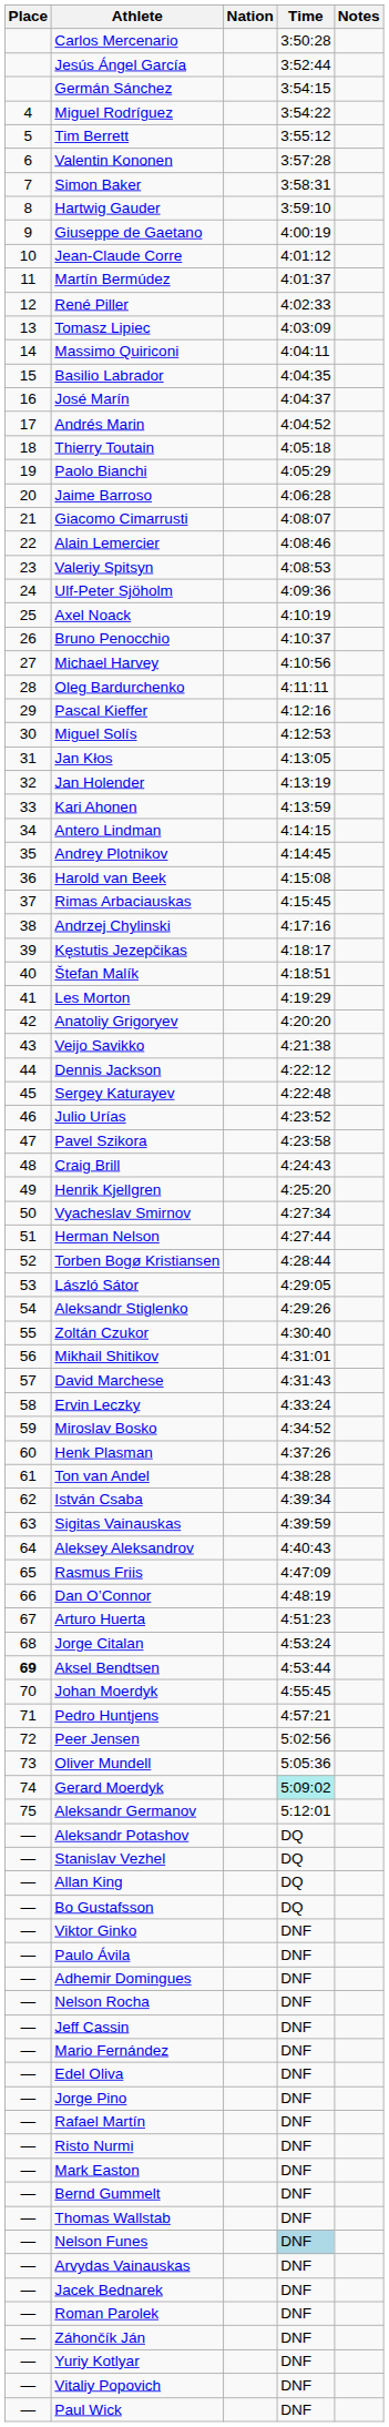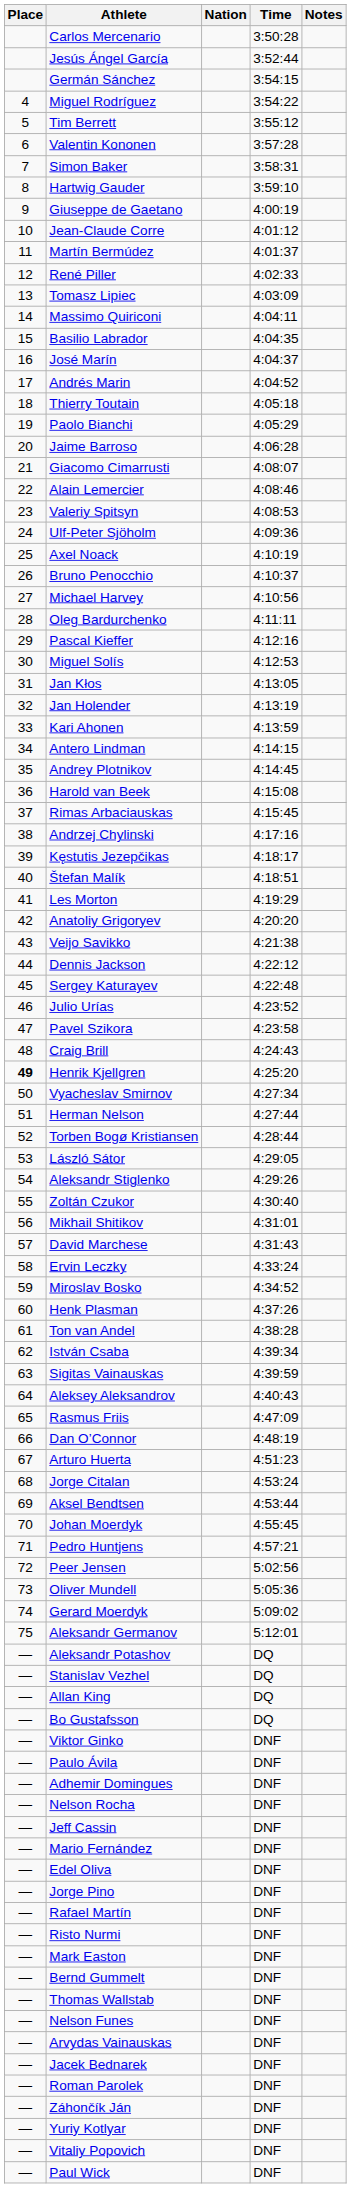 <table class=wikitable>
 <tr>
 <th>Place</th>
 <th>Athlete</th>
 <th>Nation</th>
 <th>Time</th>
 <th>Notes</th>
 </tr>
 <tr>
 <td align=center></td>
 <td><a href='#'>Carlos Mercenario</a></td>
 <td></td>
 <td>3:50:28</td>
 <td> </td>
 </tr>
 <tr>
 <td align=center></td>
 <td><a href='#'>Jesús Ángel García</a></td>
 <td></td>
 <td>3:52:44</td>
 <td> </td>
 </tr>
 <tr>
 <td align=center></td>
 <td><a href='#'>Germán Sánchez</a></td>
 <td></td>
 <td>3:54:15</td>
 <td> </td>
 </tr>
 <tr>
 <td align=center>4</td>
 <td><a href='#'>Miguel Rodríguez</a></td>
 <td></td>
 <td>3:54:22</td>
 <td> </td>
 </tr>
 <tr>
 <td align=center>5</td>
 <td><a href='#'>Tim Berrett</a></td>
 <td></td>
 <td>3:55:12</td>
 <td> </td>
 </tr>
 <tr>
 <td align=center>6</td>
 <td><a href='#'>Valentin Kononen</a></td>
 <td></td>
 <td>3:57:28</td>
 <td> </td>
 </tr>
 <tr>
 <td align=center>7</td>
 <td><a href='#'>Simon Baker</a></td>
 <td></td>
 <td>3:58:31</td>
 <td> </td>
 </tr>
 <tr>
 <td align=center>8</td>
 <td><a href='#'>Hartwig Gauder</a></td>
 <td></td>
 <td>3:59:10</td>
 <td> </td>
 </tr>
 <tr>
 <td align=center>9</td>
 <td><a href='#'>Giuseppe de Gaetano</a></td>
 <td></td>
 <td>4:00:19</td>
 <td> </td>
 </tr>
 <tr>
 <td align=center>10</td>
 <td><a href='#'>Jean-Claude Corre</a></td>
 <td></td>
 <td>4:01:12</td>
 <td> </td>
 </tr>
 <tr>
 <td align=center>11</td>
 <td><a href='#'>Martín Bermúdez</a></td>
 <td></td>
 <td>4:01:37</td>
 <td> </td>
 </tr>
 <tr>
 <td align=center>12</td>
 <td><a href='#'>René Piller</a></td>
 <td></td>
 <td>4:02:33</td>
 <td> </td>
 </tr>
 <tr>
 <td align=center>13</td>
 <td><a href='#'>Tomasz Lipiec</a></td>
 <td></td>
 <td>4:03:09</td>
 <td> </td>
 </tr>
 <tr>
 <td align=center>14</td>
 <td><a href='#'>Massimo Quiriconi</a></td>
 <td></td>
 <td>4:04:11</td>
 <td> </td>
 </tr>
 <tr>
 <td align=center>15</td>
 <td><a href='#'>Basilio Labrador</a></td>
 <td></td>
 <td>4:04:35</td>
 <td> </td>
 </tr>
 <tr>
 <td align=center>16</td>
 <td><a href='#'>José Marín</a></td>
 <td></td>
 <td>4:04:37</td>
 <td> </td>
 </tr>
 <tr>
 <td align=center>17</td>
 <td><a href='#'>Andrés Marin</a></td>
 <td></td>
 <td>4:04:52</td>
 <td> </td>
 </tr>
 <tr>
 <td align=center>18</td>
 <td><a href='#'>Thierry Toutain</a></td>
 <td></td>
 <td>4:05:18</td>
 <td> </td>
 </tr>
 <tr>
 <td align=center>19</td>
 <td><a href='#'>Paolo Bianchi</a></td>
 <td></td>
 <td>4:05:29</td>
 <td> </td>
 </tr>
 <tr>
 <td align=center>20</td>
 <td><a href='#'>Jaime Barroso</a></td>
 <td></td>
 <td>4:06:28</td>
 <td> </td>
 </tr>
 <tr>
 <td align=center>21</td>
 <td><a href='#'>Giacomo Cimarrusti</a></td>
 <td></td>
 <td>4:08:07</td>
 <td></td>
 </tr>
 <tr>
 <td align=center>22</td>
 <td><a href='#'>Alain Lemercier</a></td>
 <td></td>
 <td>4:08:46</td>
 <td></td>
 </tr>
 <tr>
 <td align=center>23</td>
 <td><a href='#'>Valeriy Spitsyn</a></td>
 <td></td>
 <td>4:08:53</td>
 <td></td>
 </tr>
 <tr>
 <td align=center>24</td>
 <td><a href='#'>Ulf-Peter Sjöholm</a></td>
 <td></td>
 <td>4:09:36</td>
 <td></td>
 </tr>
 <tr>
 <td align=center>25</td>
 <td><a href='#'>Axel Noack</a></td>
 <td></td>
 <td>4:10:19</td>
 <td></td>
 </tr>
 <tr>
 <td align=center>26</td>
 <td><a href='#'>Bruno Penocchio</a></td>
 <td></td>
 <td>4:10:37</td>
 <td></td>
 </tr>
 <tr>
 <td align=center>27</td>
 <td><a href='#'>Michael Harvey</a></td>
 <td></td>
 <td>4:10:56</td>
 <td></td>
 </tr>
 <tr>
 <td align=center>28</td>
 <td><a href='#'>Oleg Bardurchenko</a></td>
 <td></td>
 <td>4:11:11</td>
 <td></td>
 </tr>
 <tr>
 <td align=center>29</td>
 <td><a href='#'>Pascal Kieffer</a></td>
 <td></td>
 <td>4:12:16</td>
 <td></td>
 </tr>
 <tr>
 <td align=center>30</td>
 <td><a href='#'>Miguel Solís</a></td>
 <td></td>
 <td>4:12:53</td>
 <td></td>
 </tr>
 <tr>
 <td align=center>31</td>
 <td><a href='#'>Jan Kłos</a></td>
 <td></td>
 <td>4:13:05</td>
 <td></td>
 </tr>
 <tr>
 <td align=center>32</td>
 <td><a href='#'>Jan Holender</a></td>
 <td></td>
 <td>4:13:19</td>
 <td></td>
 </tr>
 <tr>
 <td align=center>33</td>
 <td><a href='#'>Kari Ahonen</a></td>
 <td></td>
 <td>4:13:59</td>
 <td></td>
 </tr>
 <tr>
 <td align=center>34</td>
 <td><a href='#'>Antero Lindman</a></td>
 <td></td>
 <td>4:14:15</td>
 <td></td>
 </tr>
 <tr>
 <td align=center>35</td>
 <td><a href='#'>Andrey Plotnikov</a></td>
 <td></td>
 <td>4:14:45</td>
 <td></td>
 </tr>
 <tr>
 <td align=center>36</td>
 <td><a href='#'>Harold van Beek</a></td>
 <td></td>
 <td>4:15:08</td>
 <td></td>
 </tr>
 <tr>
 <td align=center>37</td>
 <td><a href='#'>Rimas Arbaciauskas</a></td>
 <td></td>
 <td>4:15:45</td>
 <td></td>
 </tr>
 <tr>
 <td align=center>38</td>
 <td><a href='#'>Andrzej Chylinski</a></td>
 <td></td>
 <td>4:17:16</td>
 <td></td>
 </tr>
 <tr>
 <td align=center>39</td>
 <td><a href='#'>Kęstutis Jezepčikas</a></td>
 <td></td>
 <td>4:18:17</td>
 <td></td>
 </tr>
 <tr>
 <td align=center>40</td>
 <td><a href='#'>Štefan Malík</a></td>
 <td></td>
 <td>4:18:51</td>
 <td></td>
 </tr>
 <tr>
 <td align=center>41</td>
 <td><a href='#'>Les Morton</a></td>
 <td></td>
 <td>4:19:29</td>
 <td></td>
 </tr>
 <tr>
 <td align=center>42</td>
 <td><a href='#'>Anatoliy Grigoryev</a></td>
 <td></td>
 <td>4:20:20</td>
 <td></td>
 </tr>
 <tr>
 <td align=center>43</td>
 <td><a href='#'>Veijo Savikko</a></td>
 <td></td>
 <td>4:21:38</td>
 <td></td>
 </tr>
 <tr>
 <td align=center>44</td>
 <td><a href='#'>Dennis Jackson</a></td>
 <td></td>
 <td>4:22:12</td>
 <td></td>
 </tr>
 <tr>
 <td align=center>45</td>
 <td><a href='#'>Sergey Katurayev</a></td>
 <td></td>
 <td>4:22:48</td>
 <td></td>
 </tr>
 <tr>
 <td align=center>46</td>
 <td><a href='#'>Julio Urías</a></td>
 <td></td>
 <td>4:23:52</td>
 <td></td>
 </tr>
 <tr>
 <td align=center>47</td>
 <td><a href='#'>Pavel Szikora</a></td>
 <td></td>
 <td>4:23:58</td>
 <td></td>
 </tr>
 <tr>
 <td align=center>48</td>
 <td><a href='#'>Craig Brill</a></td>
 <td></td>
 <td>4:24:43</td>
 <td></td>
 </tr>
 <tr>
-<td align=center>49</td>
+<td align=center><strong>49</strong></td>
 <td><a href='#'>Henrik Kjellgren</a></td>
 <td></td>
 <td>4:25:20</td>
 <td></td>
 </tr>
 <tr>
 <td align=center>50</td>
 <td><a href='#'>Vyacheslav Smirnov</a></td>
 <td></td>
 <td>4:27:34</td>
 <td></td>
 </tr>
 <tr>
 <td align=center>51</td>
 <td><a href='#'>Herman Nelson</a></td>
 <td></td>
 <td>4:27:44</td>
 <td></td>
 </tr>
 <tr>
 <td align=center>52</td>
 <td><a href='#'>Torben Bogø Kristiansen</a></td>
 <td></td>
 <td>4:28:44</td>
 <td></td>
 </tr>
 <tr>
 <td align=center>53</td>
 <td><a href='#'>László Sátor</a></td>
 <td></td>
 <td>4:29:05</td>
 <td></td>
 </tr>
 <tr>
 <td align=center>54</td>
 <td><a href='#'>Aleksandr Stiglenko</a></td>
 <td></td>
 <td>4:29:26</td>
 <td></td>
 </tr>
 <tr>
 <td align=center>55</td>
 <td><a href='#'>Zoltán Czukor</a></td>
 <td></td>
 <td>4:30:40</td>
 <td></td>
 </tr>
 <tr>
 <td align=center>56</td>
 <td><a href='#'>Mikhail Shitikov</a></td>
 <td></td>
 <td>4:31:01</td>
 <td></td>
 </tr>
 <tr>
 <td align=center>57</td>
 <td><a href='#'>David Marchese</a></td>
 <td></td>
 <td>4:31:43</td>
 <td></td>
 </tr>
 <tr>
 <td align=center>58</td>
 <td><a href='#'>Ervin Leczky</a></td>
 <td></td>
 <td>4:33:24</td>
 <td></td>
 </tr>
 <tr>
 <td align=center>59</td>
 <td><a href='#'>Miroslav Bosko</a></td>
 <td></td>
 <td>4:34:52</td>
 <td></td>
 </tr>
 <tr>
 <td align=center>60</td>
 <td><a href='#'>Henk Plasman</a></td>
 <td></td>
 <td>4:37:26</td>
 <td></td>
 </tr>
 <tr>
 <td align=center>61</td>
 <td><a href='#'>Ton van Andel</a></td>
 <td></td>
 <td>4:38:28</td>
 <td></td>
 </tr>
 <tr>
 <td align=center>62</td>
 <td><a href='#'>István Csaba</a></td>
 <td></td>
 <td>4:39:34</td>
 <td></td>
 </tr>
 <tr>
 <td align=center>63</td>
 <td><a href='#'>Sigitas Vainauskas</a></td>
 <td></td>
 <td>4:39:59</td>
 <td></td>
 </tr>
 <tr>
 <td align=center>64</td>
 <td><a href='#'>Aleksey Aleksandrov</a></td>
 <td></td>
 <td>4:40:43</td>
 <td></td>
 </tr>
 <tr>
 <td align=center>65</td>
 <td><a href='#'>Rasmus Friis</a></td>
 <td></td>
 <td>4:47:09</td>
 <td></td>
 </tr>
 <tr>
 <td align=center>66</td>
 <td><a href='#'>Dan OʼConnor</a></td>
 <td></td>
 <td>4:48:19</td>
 <td></td>
 </tr>
 <tr>
 <td align=center>67</td>
 <td><a href='#'>Arturo Huerta</a></td>
 <td></td>
 <td>4:51:23</td>
 <td></td>
 </tr>
 <tr>
 <td align=center>68</td>
 <td><a href='#'>Jorge Citalan</a></td>
 <td></td>
 <td>4:53:24</td>
 <td></td>
 </tr>
 <tr>
-<td align=center><strong>69</strong></td>
+<td align=center>69</td>
 <td><a href='#'>Aksel Bendtsen</a></td>
 <td></td>
 <td>4:53:44</td>
 <td></td>
 </tr>
 <tr>
 <td align=center>70</td>
 <td><a href='#'>Johan Moerdyk</a></td>
 <td></td>
 <td>4:55:45</td>
 <td></td>
 </tr>
 <tr>
 <td align=center>71</td>
 <td><a href='#'>Pedro Huntjens</a></td>
 <td></td>
 <td>4:57:21</td>
 <td></td>
 </tr>
 <tr>
 <td align=center>72</td>
 <td><a href='#'>Peer Jensen</a></td>
 <td></td>
 <td>5:02:56</td>
 <td></td>
 </tr>
 <tr>
 <td align=center>73</td>
 <td><a href='#'>Oliver Mundell</a></td>
 <td></td>
 <td>5:05:36</td>
 <td></td>
 </tr>
 <tr>
 <td align=center>74</td>
 <td><a href='#'>Gerard Moerdyk</a></td>
 <td></td>
-<td style="background: paleturquoise;">5:09:02</td>
+<td>5:09:02</td>
 <td></td>
 </tr>
 <tr>
 <td align=center>75</td>
 <td><a href='#'>Aleksandr Germanov</a></td>
 <td></td>
 <td>5:12:01</td>
 <td></td>
 </tr>
 <tr>
 <td align=center>—</td>
 <td><a href='#'>Aleksandr Potashov</a></td>
 <td></td>
 <td>DQ</td>
 <td></td>
 </tr>
 <tr>
 <td align=center>—</td>
 <td><a href='#'>Stanislav Vezhel</a></td>
 <td></td>
 <td>DQ</td>
 <td></td>
 </tr>
 <tr>
 <td align=center>—</td>
 <td><a href='#'>Allan King</a></td>
 <td></td>
 <td>DQ</td>
 <td></td>
 </tr>
 <tr>
 <td align=center>—</td>
 <td><a href='#'>Bo Gustafsson</a></td>
 <td></td>
 <td>DQ</td>
 <td></td>
 </tr>
 <tr>
 <td align=center>—</td>
 <td><a href='#'>Viktor Ginko</a></td>
 <td></td>
 <td>DNF</td>
 <td></td>
 </tr>
 <tr>
 <td align=center>—</td>
 <td><a href='#'>Paulo Ávila</a></td>
 <td></td>
 <td>DNF</td>
 <td></td>
 </tr>
 <tr>
 <td align=center>—</td>
 <td><a href='#'>Adhemir Domingues</a></td>
 <td></td>
 <td>DNF</td>
 <td></td>
 </tr>
 <tr>
 <td align=center>—</td>
 <td><a href='#'>Nelson Rocha</a></td>
 <td></td>
 <td>DNF</td>
 <td></td>
 </tr>
 <tr>
 <td align=center>—</td>
 <td><a href='#'>Jeff Cassin</a></td>
 <td></td>
 <td>DNF</td>
 <td></td>
 </tr>
 <tr>
 <td align=center>—</td>
 <td><a href='#'>Mario Fernández</a></td>
 <td></td>
 <td>DNF</td>
 <td></td>
 </tr>
 <tr>
 <td align=center>—</td>
 <td><a href='#'>Edel Oliva</a></td>
 <td></td>
 <td>DNF</td>
 <td></td>
 </tr>
 <tr>
 <td align=center>—</td>
 <td><a href='#'>Jorge Pino</a></td>
 <td></td>
 <td>DNF</td>
 <td></td>
 </tr>
 <tr>
 <td align=center>—</td>
 <td><a href='#'>Rafael Martín</a></td>
 <td></td>
 <td>DNF</td>
 <td></td>
 </tr>
 <tr>
 <td align=center>—</td>
 <td><a href='#'>Risto Nurmi</a></td>
 <td></td>
 <td>DNF</td>
 <td></td>
 </tr>
 <tr>
 <td align=center>—</td>
 <td><a href='#'>Mark Easton</a></td>
 <td></td>
 <td>DNF</td>
 <td></td>
 </tr>
 <tr>
 <td align=center>—</td>
 <td><a href='#'>Bernd Gummelt</a></td>
 <td></td>
 <td>DNF</td>
 <td></td>
 </tr>
 <tr>
 <td align=center>—</td>
 <td><a href='#'>Thomas Wallstab</a></td>
 <td></td>
 <td>DNF</td>
 <td></td>
 </tr>
 <tr>
 <td align=center>—</td>
 <td><a href='#'>Nelson Funes</a></td>
 <td></td>
-<td style="background: lightblue;">DNF</td>
+<td>DNF</td>
 <td></td>
 </tr>
 <tr>
 <td align=center>—</td>
 <td><a href='#'>Arvydas Vainauskas</a></td>
 <td></td>
 <td>DNF</td>
 <td></td>
 </tr>
 <tr>
 <td align=center>—</td>
 <td><a href='#'>Jacek Bednarek</a></td>
 <td></td>
 <td>DNF</td>
 <td></td>
 </tr>
 <tr>
 <td align=center>—</td>
 <td><a href='#'>Roman Parolek</a></td>
 <td></td>
 <td>DNF</td>
 <td></td>
 </tr>
 <tr>
 <td align=center>—</td>
 <td><a href='#'>Záhončík Ján</a></td>
 <td></td>
 <td>DNF</td>
 <td></td>
 </tr>
 <tr>
 <td align=center>—</td>
 <td><a href='#'>Yuriy Kotlyar</a></td>
 <td></td>
 <td>DNF</td>
 <td></td>
 </tr>
 <tr>
 <td align=center>—</td>
 <td><a href='#'>Vitaliy Popovich</a></td>
 <td></td>
 <td>DNF</td>
 <td></td>
 </tr>
 <tr>
 <td align=center>—</td>
 <td><a href='#'>Paul Wick</a></td>
 <td></td>
 <td>DNF</td>
 <td></td>
 </tr>
 </table>
